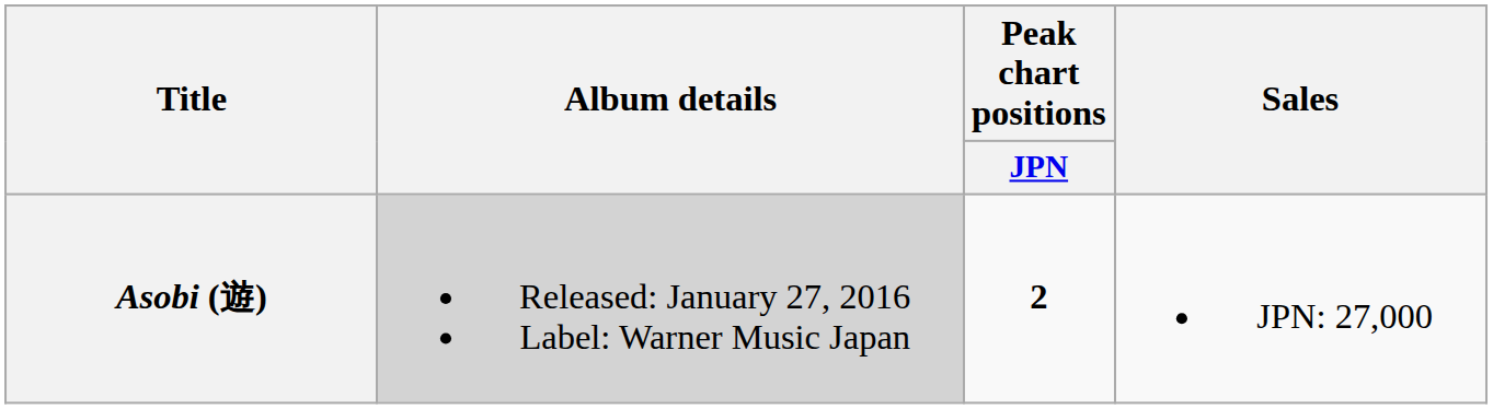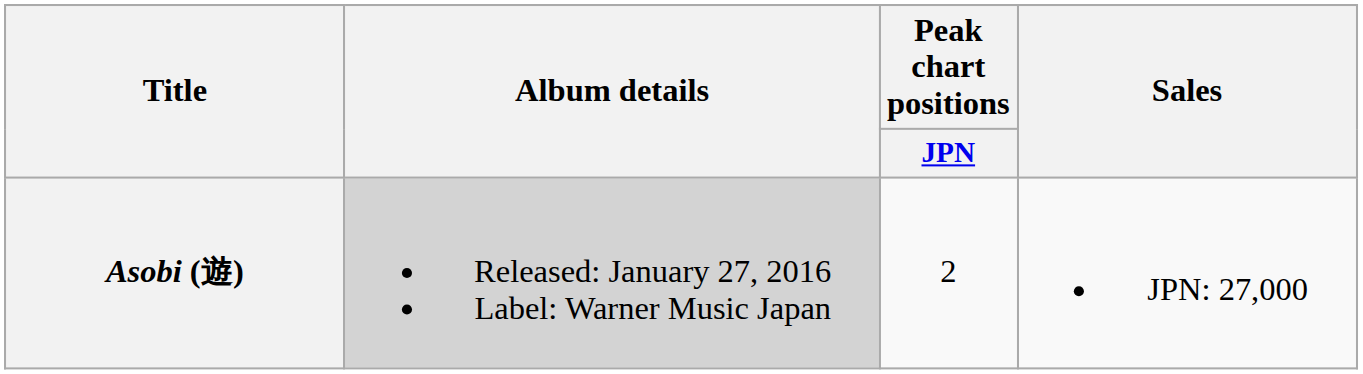 <table class="wikitable plainrowheaders" style="text-align:center;">
 <tr>
 <th rowspan="2" scope="col" style="width:10em;">Title</th>
 <th rowspan="2" scope="col" style="width:16em;">Album details</th>
 <th scope="col">Peak chart positions</th>
 <th rowspan="2" scope="col" style="width:10em;">Sales</th>
 </tr>
 <tr>
 <th scope="col" style="width:2.5em;font-size:90%;"><a href='#'>JPN</a><br></th>
 </tr>
 <tr>
 <th scope="row"><em>Asobi</em> (遊)</th>
 <td style="background: lightgrey;"><br><ul><li>Released: January 27, 2016</li><li>Label: Warner Music Japan</li></ul></td>
-<td><strong>2</strong></td>
+<td>2</td>
 <td><br><ul><li>JPN: 27,000</li></ul></td>
 </tr>
 </table>
